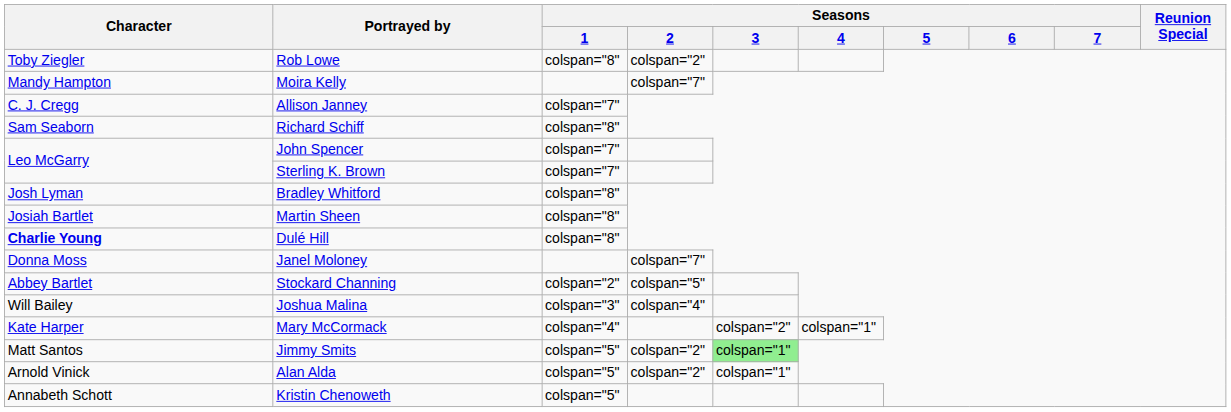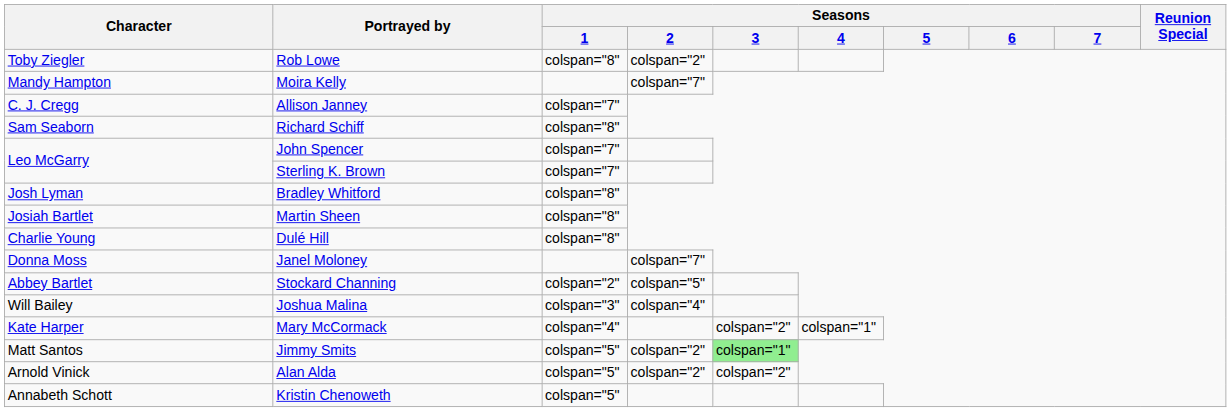 <table class="wikitable" width="70%">
 <tr>
 <th rowspan="2" style="width:22%;">Character</th>
 <th rowspan="2" style="width:22%;">Portrayed by</th>
 <th colspan="7">Seasons</th>
 <th width="7%" rowspan="2" scope="col"><a href='#'>Reunion Special</a></th>
 </tr>
 <tr>
 <th width="7%" scope="col"><a href='#'>1</a></th>
 <th width="7%" scope="col"><a href='#'>2</a></th>
 <th width="7%" scope="col"><a href='#'>3</a></th>
 <th width="7%" scope="col"><a href='#'>4</a></th>
 <th width="7%" scope="col"><a href='#'>5</a></th>
 <th width="7%" scope="col"><a href='#'>6</a></th>
 <th width="7%" scope="col"><a href='#'>7</a></th>
 </tr>
 <tr>
 <td><a href='#'>Toby Ziegler</a></td>
 <td><a href='#'>Rob Lowe</a></td>
 <td>colspan="8" </td>
 <td>colspan="2" </td>
 <td></td>
 <td></td>
 </tr>
 <tr>
 <td><a href='#'>Mandy Hampton</a></td>
 <td><a href='#'>Moira Kelly</a></td>
 <td></td>
 <td>colspan="7" </td>
 </tr>
 <tr>
 <td><a href='#'>C. J. Cregg</a></td>
 <td><a href='#'>Allison Janney</a></td>
 <td>colspan="7" </td>
 </tr>
 <tr>
 <td><a href='#'>Sam Seaborn</a></td>
 <td><a href='#'>Richard Schiff</a></td>
 <td>colspan="8" </td>
 </tr>
 <tr>
 <td rowspan="2"><a href='#'>Leo McGarry</a></td>
 <td><a href='#'>John Spencer</a></td>
 <td>colspan="7" </td>
 <td></td>
 </tr>
 <tr>
 <td><a href='#'>Sterling K. Brown</a></td>
 <td>colspan="7" </td>
 <td></td>
 </tr>
 <tr>
 <td><a href='#'>Josh Lyman</a></td>
 <td><a href='#'>Bradley Whitford</a></td>
 <td>colspan="8" </td>
 </tr>
 <tr>
 <td><a href='#'>Josiah Bartlet</a></td>
 <td><a href='#'>Martin Sheen</a></td>
 <td>colspan="8" </td>
 </tr>
 <tr>
-<td><strong><a href='#'>Charlie Young</a></strong></td>
+<td><a href='#'>Charlie Young</a></td>
 <td><a href='#'>Dulé Hill</a></td>
 <td>colspan="8" </td>
 </tr>
 <tr>
 <td><a href='#'>Donna Moss</a></td>
 <td><a href='#'>Janel Moloney</a></td>
 <td></td>
 <td>colspan="7" </td>
 </tr>
 <tr>
 <td><a href='#'>Abbey Bartlet</a></td>
 <td><a href='#'>Stockard Channing</a></td>
 <td>colspan="2" </td>
 <td>colspan="5" </td>
 <td></td>
 </tr>
 <tr>
 <td>Will Bailey</td>
 <td><a href='#'>Joshua Malina</a></td>
 <td>colspan="3" </td>
 <td>colspan="4" </td>
 <td></td>
 </tr>
 <tr>
 <td><a href='#'>Kate Harper</a></td>
 <td><a href='#'>Mary McCormack</a></td>
 <td>colspan="4" </td>
 <td></td>
 <td>colspan="2" </td>
 <td>colspan="1" </td>
 </tr>
 <tr>
 <td>Matt Santos</td>
 <td><a href='#'>Jimmy Smits</a></td>
 <td>colspan="5" </td>
 <td>colspan="2" </td>
 <td style="background: lightgreen;">colspan="1" </td>
 </tr>
 <tr>
 <td>Arnold Vinick</td>
 <td><a href='#'>Alan Alda</a></td>
 <td>colspan="5" </td>
 <td>colspan="2" </td>
-<td>colspan="1" </td>
+<td>colspan="2" </td>
 </tr>
 <tr>
 <td>Annabeth Schott</td>
 <td><a href='#'>Kristin Chenoweth</a></td>
 <td>colspan="5" </td>
 <td></td>
 <td></td>
 <td></td>
 </tr>
 </table>
